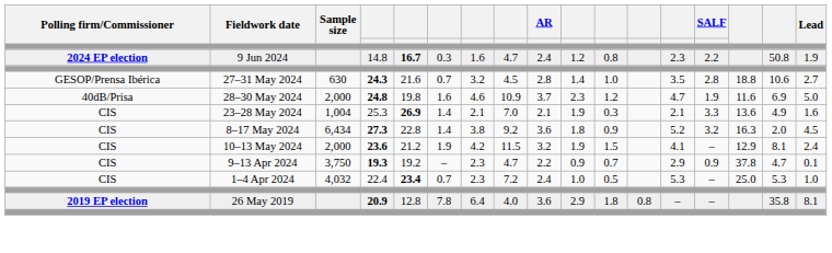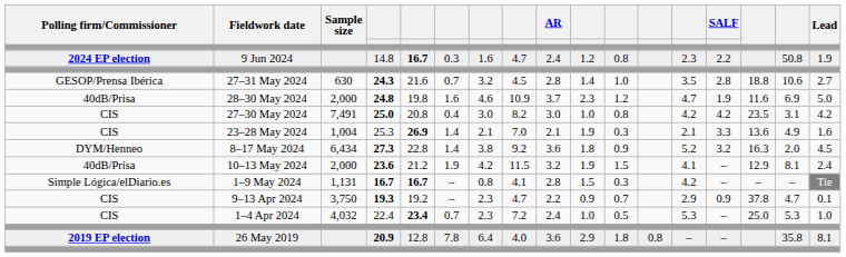 <table class="wikitable collapsible collapsed" style="text-align:center; font-size:90%; line-height:14px;">
 <tr style="height:42px;">
 <th style="width:250px;" rowspan="2">Polling firm/Commissioner</th>
 <th style="width:125px;" rowspan="2">Fieldwork date</th>
 <th style="width:50px;" rowspan="2">Sample size</th>
 <th style="width:35px;"></th>
 <th style="width:35px;"></th>
 <th style="width:35px;"></th>
 <th style="width:35px;"><br></th>
 <th style="width:35px;"></th>
 <th style="width:35px;"><a href='#'>AR</a></th>
 <th style="width:35px;"><br></th>
 <th style="width:35px;"></th>
 <th style="width:35px;"></th>
 <th style="width:35px;"></th>
 <th style="width:35px;"><a href='#'>SALF</a></th>
 <th style="width:35px;" rowspan="2"></th>
 <th style="width:35px;" rowspan="2"></th>
 <th style="width:30px;" rowspan="2">Lead</th>
 </tr>
 <tr>
 <th style="color:inherit;background:"></th>
 <th style="color:inherit;background:"></th>
 <th style="color:inherit;background:"></th>
 <th style="color:inherit;background:"></th>
 <th style="color:inherit;background:"></th>
 <th style="color:inherit;background:"></th>
 <th style="color:inherit;background:"></th>
 <th style="color:inherit;background:"></th>
 <th style="color:inherit;background:"></th>
 <th style="color:inherit;background:"></th>
 <th style="color:inherit;background:"></th>
 </tr>
 <tr>
 <td colspan="17" style="background:#A0A0A0"></td>
 </tr>
 <tr style="background:#EFEFEF;">
 <td><strong><a href='#'>2024 EP election</a></strong></td>
 <td>9 Jun 2024</td>
 <td></td>
 <td>14.8</td>
 <td><strong>16.7</strong></td>
 <td>0.3</td>
 <td>1.6</td>
 <td>4.7</td>
 <td>2.4</td>
 <td>1.2</td>
 <td>0.8</td>
 <td></td>
 <td>2.3</td>
 <td>2.2</td>
 <td></td>
 <td>50.8</td>
 <td style="background:">1.9</td>
 </tr>
 <tr>
 <td colspan="17" style="background:#A0A0A0"></td>
 </tr>
 <tr>
 <td>GESOP/Prensa Ibérica</td>
 <td>27–31 May 2024</td>
 <td>630</td>
 <td><strong>24.3</strong></td>
 <td>21.6</td>
 <td>0.7</td>
 <td>3.2</td>
 <td>4.5</td>
 <td>2.8</td>
 <td>1.4</td>
 <td>1.0</td>
 <td></td>
 <td>3.5</td>
 <td>2.8</td>
 <td>18.8</td>
 <td>10.6</td>
 <td style="background:">2.7</td>
 </tr>
 <tr>
 <td>40dB/Prisa</td>
 <td>28–30 May 2024</td>
 <td>2,000</td>
 <td><strong>24.8</strong></td>
 <td>19.8</td>
 <td>1.6</td>
 <td>4.6</td>
 <td>10.9</td>
 <td>3.7</td>
 <td>2.3</td>
 <td>1.2</td>
 <td></td>
 <td>4.7</td>
 <td>1.9</td>
 <td>11.6</td>
 <td>6.9</td>
 <td style="background:">5.0</td>
 </tr>
 <tr>
 <td>CIS</td>
+<td>27–30 May 2024</td>
+<td>7,491</td>
+<td><strong>25.0</strong></td>
+<td>20.8</td>
+<td>0.4</td>
+<td>3.0</td>
+<td>8.2</td>
+<td>3.0</td>
+<td>1.0</td>
+<td>0.8</td>
+<td></td>
+<td>4.2</td>
+<td>4.2</td>
+<td>23.5</td>
+<td>3.1</td>
+<td style="background:">4.2</td>
+</tr>
+<tr>
+<td>CIS</td>
 <td>23–28 May 2024</td>
 <td>1,004</td>
 <td>25.3</td>
 <td><strong>26.9</strong></td>
 <td>1.4</td>
 <td>2.1</td>
 <td>7.0</td>
 <td>2.1</td>
 <td>1.9</td>
 <td>0.3</td>
 <td></td>
 <td>2.1</td>
 <td>3.3</td>
 <td>13.6</td>
 <td>4.9</td>
 <td style="background:">1.6</td>
 </tr>
 <tr>
-<td>CIS</td>
+<td>DYM/Henneo</td>
 <td>8–17 May 2024</td>
 <td>6,434</td>
 <td><strong>27.3</strong></td>
 <td>22.8</td>
 <td>1.4</td>
 <td>3.8</td>
 <td>9.2</td>
 <td>3.6</td>
 <td>1.8</td>
 <td>0.9</td>
 <td></td>
 <td>5.2</td>
 <td>3.2</td>
 <td>16.3</td>
 <td>2.0</td>
 <td style="background:">4.5</td>
 </tr>
 <tr>
-<td>CIS</td>
+<td>40dB/Prisa</td>
 <td>10–13 May 2024</td>
 <td>2,000</td>
 <td><strong>23.6</strong></td>
 <td>21.2</td>
 <td>1.9</td>
 <td>4.2</td>
 <td>11.5</td>
 <td>3.2</td>
 <td>1.9</td>
 <td>1.5</td>
 <td></td>
 <td>4.1</td>
 <td>–</td>
 <td>12.9</td>
 <td>8.1</td>
 <td style="background:">2.4</td>
+</tr>
+<tr>
+<td>Simple Lógica/elDiario.es</td>
+<td>1–9 May 2024</td>
+<td>1,131</td>
+<td><strong>16.7</strong></td>
+<td><strong>16.7</strong></td>
+<td>–</td>
+<td>0.8</td>
+<td>4.1</td>
+<td>2.8</td>
+<td>1.5</td>
+<td>0.3</td>
+<td></td>
+<td>4.2</td>
+<td>–</td>
+<td>–</td>
+<td>–</td>
+<td style="background:gray; color:white;">Tie</td>
 </tr>
 <tr>
 <td>CIS</td>
 <td>9–13 Apr 2024</td>
 <td>3,750</td>
 <td><strong>19.3</strong></td>
 <td>19.2</td>
 <td>–</td>
 <td>2.3</td>
 <td>4.7</td>
 <td>2.2</td>
 <td>0.9</td>
 <td>0.7</td>
 <td></td>
 <td>2.9</td>
 <td>0.9</td>
 <td>37.8</td>
 <td>4.7</td>
 <td style="background:">0.1</td>
 </tr>
 <tr>
 <td>CIS</td>
 <td>1–4 Apr 2024</td>
 <td>4,032</td>
 <td>22.4</td>
 <td><strong>23.4</strong></td>
 <td>0.7</td>
 <td>2.3</td>
 <td>7.2</td>
 <td>2.4</td>
 <td>1.0</td>
 <td>0.5</td>
 <td></td>
 <td>5.3</td>
 <td>–</td>
 <td>25.0</td>
 <td>5.3</td>
 <td style="background:">1.0</td>
 </tr>
 <tr>
 <td colspan="17" style="background:#A0A0A0"></td>
 </tr>
 <tr style="background:#EFEFEF;">
 <td><strong><a href='#'>2019 EP election</a></strong></td>
 <td>26 May 2019</td>
 <td></td>
 <td><strong>20.9</strong></td>
 <td>12.8</td>
 <td>7.8</td>
 <td>6.4</td>
 <td>4.0</td>
 <td>3.6</td>
 <td>2.9</td>
 <td>1.8</td>
 <td>0.8</td>
 <td>–</td>
 <td>–</td>
 <td></td>
 <td>35.8</td>
 <td style="background:">8.1</td>
 </tr>
 <tr>
 <td colspan="17" style="background:#A0A0A0"></td>
 </tr>
 </table>
